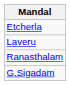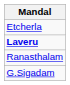 <table class="wikitable sortable static-row-numbers static-row-header-hash">
 <tr>
 <th>Mandal</th>
 </tr>
 <tr>
 <td><a href='#'>Etcherla</a></td>
 </tr>
 <tr>
-<td><a href='#'>Laveru</a></td>
+<td><strong><a href='#'>Laveru</a></strong></td>
 </tr>
 <tr>
 <td><a href='#'>Ranasthalam</a></td>
 </tr>
 <tr>
 <td><a href='#'>G.Sigadam</a></td>
 </tr>
 </table>
